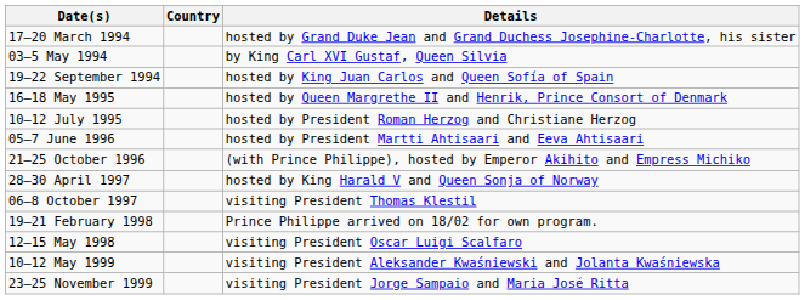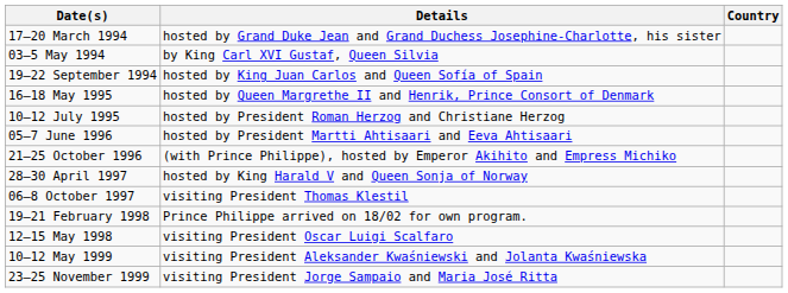 <table class="wikitable">
 <tr>
 <th>Date(s)</th>
+<th>Details</th>
 <th>Country</th>
-<th>Details</th>
 </tr>
 <tr>
 <td>17–20 March 1994</td>
+<td>hosted by <a href='#'>Grand Duke Jean</a> and <a href='#'>Grand Duchess Josephine-Charlotte</a>, his sister</td>
 <td></td>
-<td>hosted by <a href='#'>Grand Duke Jean</a> and <a href='#'>Grand Duchess Josephine-Charlotte</a>, his sister</td>
 </tr>
 <tr>
 <td>03–5 May 1994</td>
+<td>by King <a href='#'>Carl XVI Gustaf</a>, <a href='#'>Queen Silvia</a></td>
 <td></td>
-<td>by King <a href='#'>Carl XVI Gustaf</a>, <a href='#'>Queen Silvia</a></td>
 </tr>
 <tr>
 <td>19–22 September 1994</td>
+<td>hosted by <a href='#'>King Juan Carlos</a> and <a href='#'>Queen Sofía of Spain</a></td>
 <td></td>
-<td>hosted by <a href='#'>King Juan Carlos</a> and <a href='#'>Queen Sofía of Spain</a></td>
 </tr>
 <tr>
 <td>16–18 May 1995</td>
+<td>hosted by <a href='#'>Queen Margrethe II</a> and <a href='#'>Henrik, Prince Consort of Denmark</a></td>
 <td></td>
-<td>hosted by <a href='#'>Queen Margrethe II</a> and <a href='#'>Henrik, Prince Consort of Denmark</a></td>
 </tr>
 <tr>
 <td>10–12 July 1995</td>
+<td>hosted by President <a href='#'>Roman Herzog</a> and Christiane Herzog</td>
 <td></td>
-<td>hosted by President <a href='#'>Roman Herzog</a> and Christiane Herzog</td>
 </tr>
 <tr>
 <td>05–7 June 1996</td>
+<td>hosted by President <a href='#'>Martti Ahtisaari</a> and <a href='#'>Eeva Ahtisaari</a></td>
 <td></td>
-<td>hosted by President <a href='#'>Martti Ahtisaari</a> and <a href='#'>Eeva Ahtisaari</a></td>
 </tr>
 <tr>
 <td>21–25 October 1996</td>
+<td>(with Prince Philippe), hosted by Emperor <a href='#'>Akihito</a> and <a href='#'>Empress Michiko</a></td>
 <td></td>
-<td>(with Prince Philippe), hosted by Emperor <a href='#'>Akihito</a> and <a href='#'>Empress Michiko</a></td>
 </tr>
 <tr>
 <td>28–30 April 1997</td>
+<td>hosted by King <a href='#'>Harald V</a> and <a href='#'>Queen Sonja of Norway</a></td>
 <td></td>
-<td>hosted by King <a href='#'>Harald V</a> and <a href='#'>Queen Sonja of Norway</a></td>
 </tr>
 <tr>
 <td>06–8 October 1997</td>
+<td>visiting President <a href='#'>Thomas Klestil</a></td>
 <td></td>
-<td>visiting President <a href='#'>Thomas Klestil</a></td>
 </tr>
 <tr>
 <td>19–21 February 1998</td>
+<td>Prince Philippe arrived on 18/02 for own program.</td>
 <td></td>
-<td>Prince Philippe arrived on 18/02 for own program.</td>
 </tr>
 <tr>
 <td>12–15 May 1998</td>
+<td>visiting President <a href='#'>Oscar Luigi Scalfaro</a></td>
 <td></td>
-<td>visiting President <a href='#'>Oscar Luigi Scalfaro</a></td>
 </tr>
 <tr>
 <td>10–12 May 1999</td>
+<td>visiting President <a href='#'>Aleksander Kwaśniewski</a> and <a href='#'>Jolanta Kwaśniewska</a></td>
 <td></td>
-<td>visiting President <a href='#'>Aleksander Kwaśniewski</a> and <a href='#'>Jolanta Kwaśniewska</a></td>
 </tr>
 <tr>
 <td>23–25 November 1999</td>
+<td>visiting President <a href='#'>Jorge Sampaio</a> and <a href='#'>Maria José Ritta</a></td>
 <td></td>
-<td>visiting President <a href='#'>Jorge Sampaio</a> and <a href='#'>Maria José Ritta</a></td>
 </tr>
 </table>
